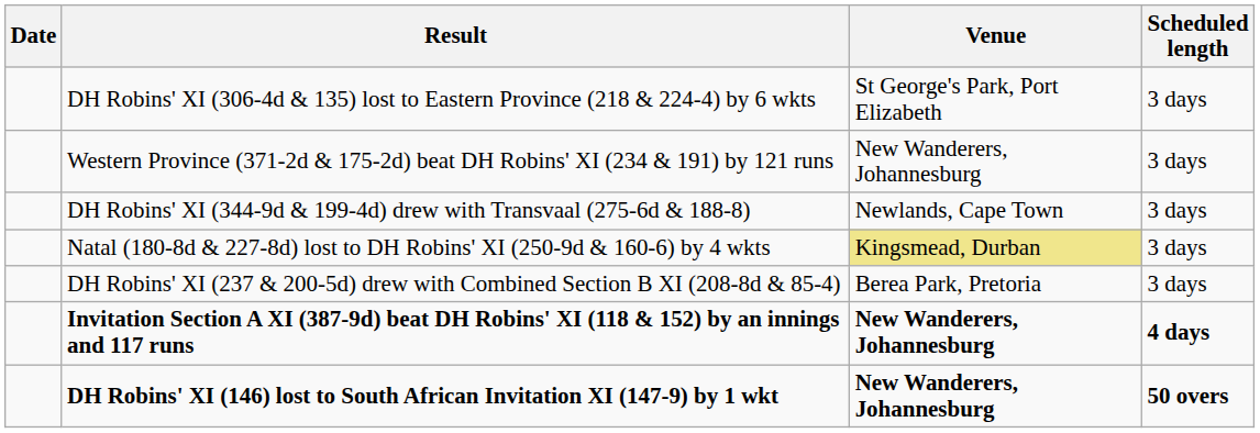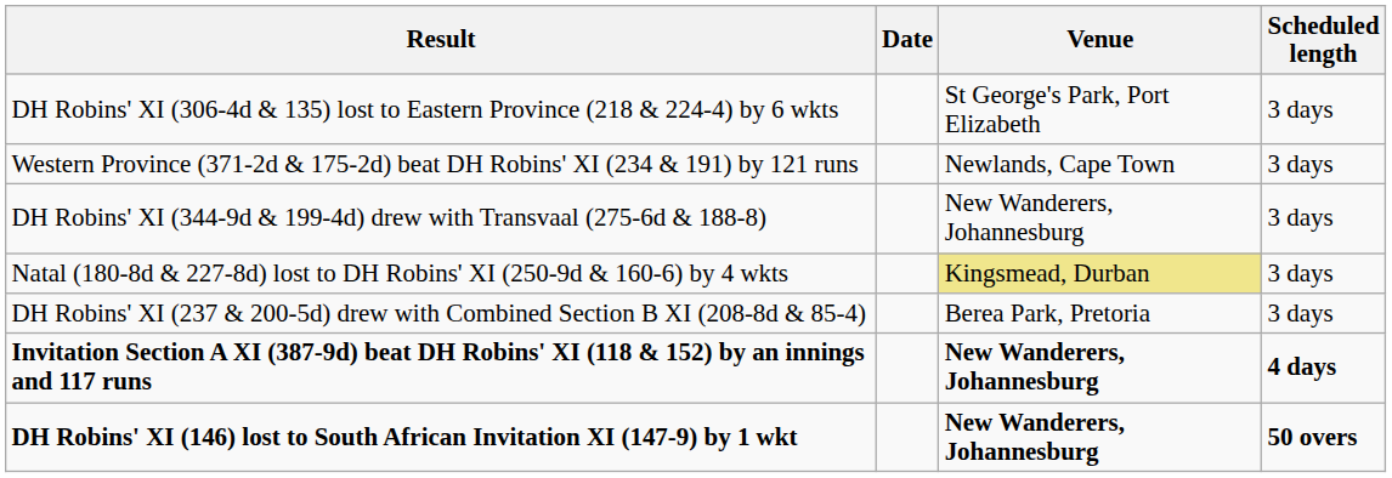 <table class="wikitable">
 <tr>
+<th>Result</th>
 <th>Date</th>
-<th>Result</th>
 <th>Venue</th>
 <th>Scheduled<br>length</th>
 </tr>
 <tr>
+<td>DH Robins' XI (306-4d & 135) lost to Eastern Province (218 & 224-4) by 6 wkts</td>
 <td></td>
-<td>DH Robins' XI (306-4d & 135) lost to Eastern Province (218 & 224-4) by 6 wkts</td>
 <td>St George's Park, Port Elizabeth</td>
 <td>3 days</td>
 </tr>
 <tr>
+<td>Western Province (371-2d & 175-2d) beat DH Robins' XI (234 & 191) by 121 runs</td>
 <td></td>
-<td>Western Province (371-2d & 175-2d) beat DH Robins' XI (234 & 191) by 121 runs</td>
+<td>Newlands, Cape Town</td>
+<td>3 days</td>
+</tr>
+<tr>
+<td>DH Robins' XI (344-9d & 199-4d) drew with Transvaal (275-6d & 188-8)</td>
+<td></td>
 <td>New Wanderers, Johannesburg</td>
 <td>3 days</td>
 </tr>
 <tr>
+<td>Natal (180-8d & 227-8d) lost to DH Robins' XI (250-9d & 160-6) by 4 wkts</td>
 <td></td>
-<td>DH Robins' XI (344-9d & 199-4d) drew with Transvaal (275-6d & 188-8)</td>
-<td>Newlands, Cape Town</td>
-<td>3 days</td>
-</tr>
-<tr>
-<td></td>
-<td>Natal (180-8d & 227-8d) lost to DH Robins' XI (250-9d & 160-6) by 4 wkts</td>
 <td style="background: khaki;">Kingsmead, Durban</td>
 <td>3 days</td>
 </tr>
 <tr>
+<td>DH Robins' XI (237 & 200-5d) drew with Combined Section B XI (208-8d & 85-4)</td>
 <td></td>
-<td>DH Robins' XI (237 & 200-5d) drew with Combined Section B XI (208-8d & 85-4)</td>
 <td>Berea Park, Pretoria</td>
 <td>3 days</td>
 </tr>
 <tr>
+<td><strong>Invitation Section A XI (387-9d) beat DH Robins' XI (118 & 152) by an innings and 117 runs</strong></td>
 <td><strong></strong></td>
-<td><strong>Invitation Section A XI (387-9d) beat DH Robins' XI (118 & 152) by an innings and 117 runs</strong></td>
 <td><strong>New Wanderers, Johannesburg</strong></td>
 <td><strong>4 days</strong></td>
 </tr>
 <tr>
+<td><strong>DH Robins' XI (146) lost to South African Invitation XI (147-9) by 1 wkt</strong></td>
 <td><strong></strong></td>
-<td><strong>DH Robins' XI (146) lost to South African Invitation XI (147-9) by 1 wkt</strong></td>
 <td><strong>New Wanderers, Johannesburg</strong></td>
 <td><strong>50 overs</strong></td>
 </tr>
 </table>
